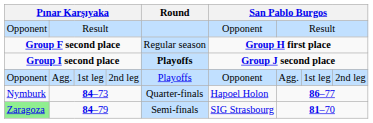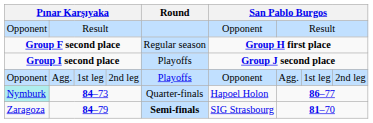 <table class="wikitable" style="text-align:center">
 <tr>
 <th colspan="4"> <a href='#'>Pınar Karşıyaka</a></th>
 <th>Round</th>
 <th colspan="4"> <a href='#'>San Pablo Burgos</a></th>
 </tr>
 <tr style="background:#C1E0FF">
 <td>Opponent</td>
 <td colspan="3">Result</td>
 <td></td>
 <td>Opponent</td>
 <td colspan="3">Result</td>
 </tr>
 <tr>
 <td colspan="4" style="vertical-align:top"><strong><a href='#'>Group F</a> second place</strong><br></td>
 <td style="background:#C1E0FF">Regular season</td>
 <td colspan="4" style="vertical-align:top"><strong><a href='#'>Group H</a> first place</strong><br></td>
 </tr>
 <tr>
 <td colspan="4" style="vertical-align:top"><strong><a href='#'>Group I</a> second place</strong><br></td>
-<td style="background:#C1E0FF"><strong>Playoffs</strong></td>
+<td style="background:#C1E0FF">Playoffs</td>
 <td colspan="4" style="vertical-align:top"><strong><a href='#'>Group J</a> second place</strong><br></td>
 </tr>
 <tr style="background:#C1E0FF">
 <td>Opponent</td>
 <td>Agg.</td>
 <td>1st leg</td>
 <td>2nd leg</td>
 <td><a href='#'>Playoffs</a></td>
 <td>Opponent</td>
 <td>Agg.</td>
 <td>1st leg</td>
 <td>2nd leg</td>
 </tr>
 <tr>
-<td style="text-align:left"> <a href='#'>Nymburk</a></td>
+<td style="background: paleturquoise; text-align:left"> <a href='#'>Nymburk</a></td>
 <td colspan=3><a href='#'><strong>84</strong>–73</a></td>
 <td style="background:#C1E0FF">Quarter-finals</td>
 <td style="text-align:left"> <a href='#'>Hapoel Holon</a></td>
 <td colspan=3><a href='#'><strong>86</strong>–77</a></td>
 </tr>
 <tr>
-<td style="background: lightgreen; text-align:left"> <a href='#'>Zaragoza</a></td>
+<td style="text-align:left"> <a href='#'>Zaragoza</a></td>
 <td colspan=3><a href='#'><strong>84</strong>–79</a></td>
-<td style="background:#C1E0FF">Semi-finals</td>
+<td style="background:#C1E0FF"><strong>Semi-finals</strong></td>
 <td style="text-align:left"> <a href='#'>SIG Strasbourg</a></td>
 <td colspan=3><a href='#'><strong>81</strong>–70</a></td>
 </tr>
 </table>
